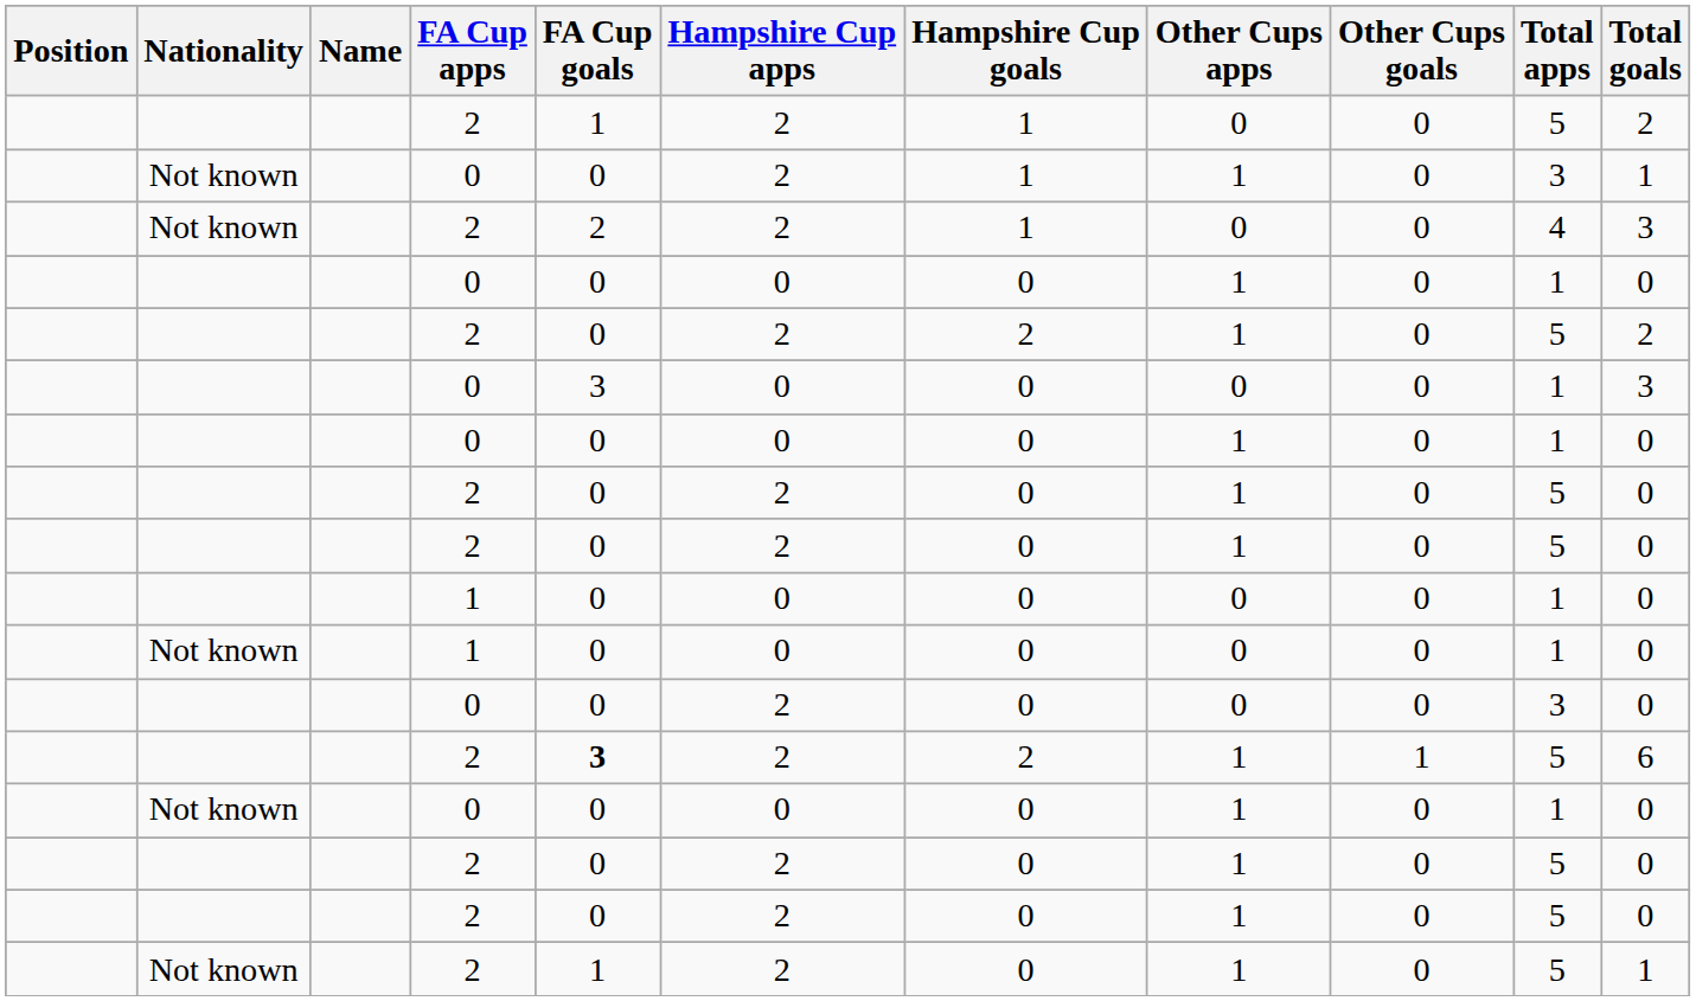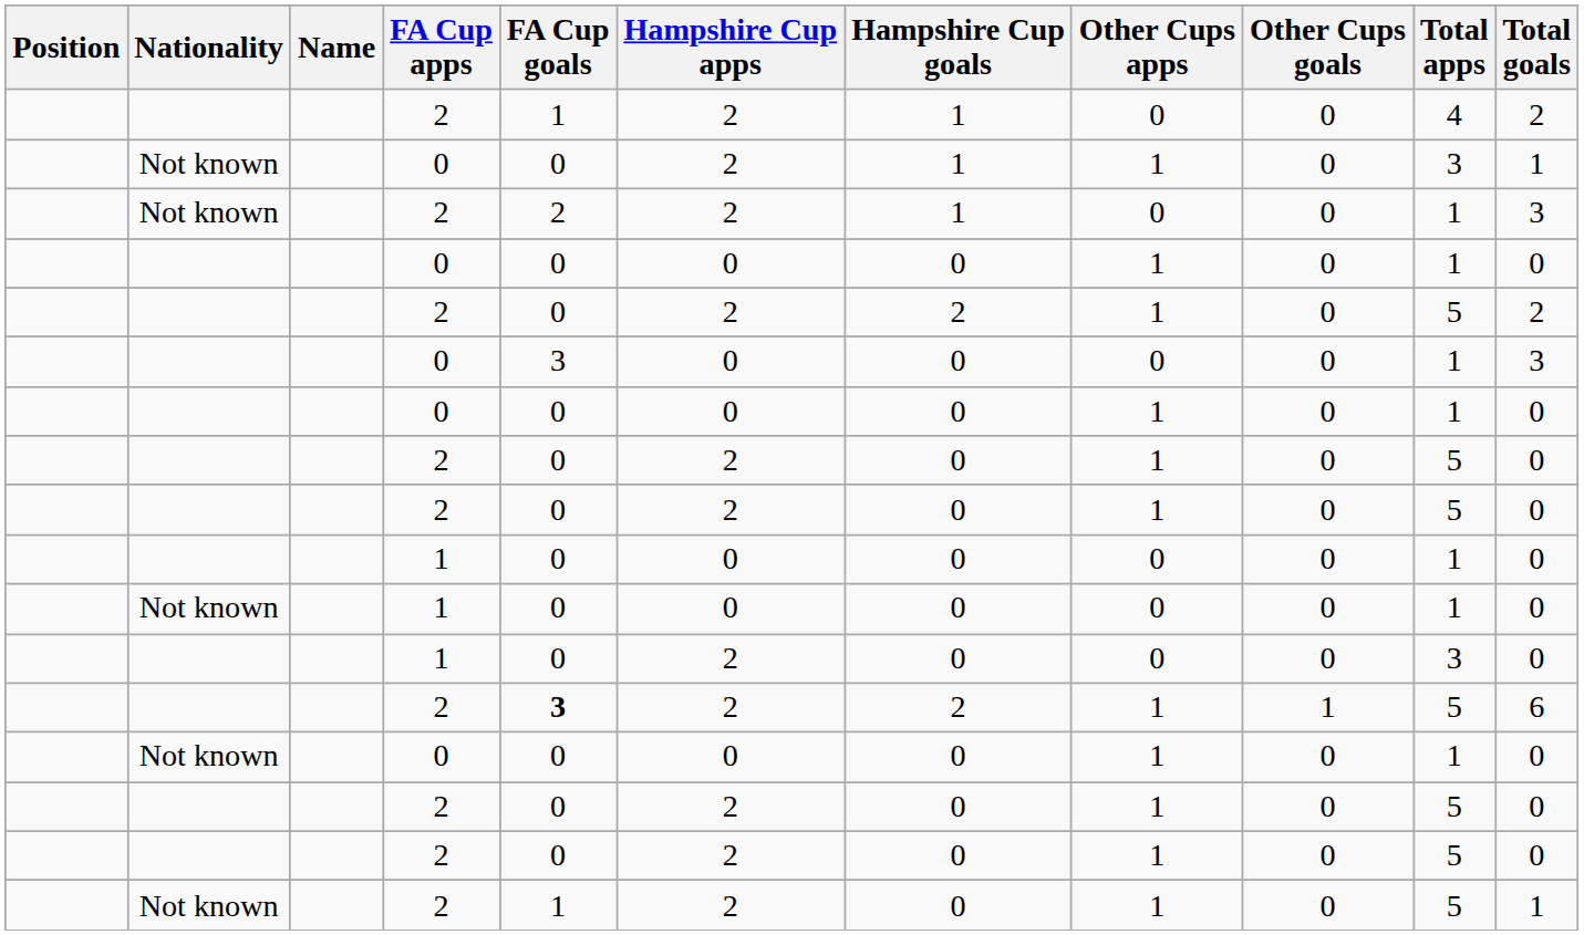 <table class="wikitable sortable" style="text-align:center">
 <tr>
 <th>Position</th>
 <th>Nationality</th>
 <th>Name</th>
 <th><a href='#'>FA Cup</a><br>apps</th>
 <th>FA Cup<br>goals</th>
 <th><a href='#'>Hampshire Cup</a><br>apps</th>
 <th>Hampshire Cup<br>goals</th>
 <th>Other Cups<br>apps</th>
 <th>Other Cups<br>goals</th>
 <th>Total<br>apps</th>
 <th>Total<br>goals</th>
 </tr>
 <tr>
 <td></td>
 <td></td>
 <td align="left"></td>
 <td>2</td>
 <td>1</td>
 <td>2</td>
 <td>1</td>
 <td>0</td>
 <td>0</td>
-<td>5</td>
+<td>4</td>
 <td>2</td>
 </tr>
 <tr>
 <td></td>
 <td>Not known</td>
 <td align="left"></td>
 <td>0</td>
 <td>0</td>
 <td>2</td>
 <td>1</td>
 <td>1</td>
 <td>0</td>
 <td>3</td>
 <td>1</td>
 </tr>
 <tr>
 <td></td>
 <td>Not known</td>
 <td align="left"></td>
 <td>2</td>
 <td>2</td>
 <td>2</td>
 <td>1</td>
 <td>0</td>
 <td>0</td>
-<td>4</td>
+<td>1</td>
 <td>3</td>
 </tr>
 <tr>
 <td></td>
 <td></td>
 <td align="left"> </td>
 <td>0</td>
 <td>0</td>
 <td>0</td>
 <td>0</td>
 <td>1</td>
 <td>0</td>
 <td>1</td>
 <td>0</td>
 </tr>
 <tr>
 <td></td>
 <td></td>
 <td align="left"></td>
 <td>2</td>
 <td>0</td>
 <td>2</td>
 <td>2</td>
 <td>1</td>
 <td>0</td>
 <td>5</td>
 <td>2</td>
 </tr>
 <tr>
 <td></td>
 <td></td>
 <td align="left"></td>
 <td>0</td>
 <td>3</td>
 <td>0</td>
 <td>0</td>
 <td>0</td>
 <td>0</td>
 <td>1</td>
 <td>3</td>
 </tr>
 <tr>
 <td></td>
 <td></td>
 <td align="left"></td>
 <td>0</td>
 <td>0</td>
 <td>0</td>
 <td>0</td>
 <td>1</td>
 <td>0</td>
 <td>1</td>
 <td>0</td>
 </tr>
 <tr>
 <td></td>
 <td></td>
 <td align="left"></td>
 <td>2</td>
 <td>0</td>
 <td>2</td>
 <td>0</td>
 <td>1</td>
 <td>0</td>
 <td>5</td>
 <td>0</td>
 </tr>
 <tr>
 <td></td>
 <td></td>
 <td align="left"></td>
 <td>2</td>
 <td>0</td>
 <td>2</td>
 <td>0</td>
 <td>1</td>
 <td>0</td>
 <td>5</td>
 <td>0</td>
 </tr>
 <tr>
 <td></td>
 <td></td>
 <td align="left"></td>
 <td>1</td>
 <td>0</td>
 <td>0</td>
 <td>0</td>
 <td>0</td>
 <td>0</td>
 <td>1</td>
 <td>0</td>
 </tr>
 <tr>
 <td></td>
 <td>Not known</td>
 <td align="left"></td>
 <td>1</td>
 <td>0</td>
 <td>0</td>
 <td>0</td>
 <td>0</td>
 <td>0</td>
 <td>1</td>
 <td>0</td>
 </tr>
 <tr>
 <td></td>
 <td></td>
 <td align="left"></td>
-<td>0</td>
+<td>1</td>
 <td>0</td>
 <td>2</td>
 <td>0</td>
 <td>0</td>
 <td>0</td>
 <td>3</td>
 <td>0</td>
 </tr>
 <tr>
 <td></td>
 <td></td>
 <td align="left"></td>
 <td>2</td>
 <td><strong>3</strong></td>
 <td>2</td>
 <td>2</td>
 <td>1</td>
 <td>1</td>
 <td>5</td>
 <td>6</td>
 </tr>
 <tr>
 <td></td>
 <td>Not known</td>
 <td align="left">  </td>
 <td>0</td>
 <td>0</td>
 <td>0</td>
 <td>0</td>
 <td>1</td>
 <td>0</td>
 <td>1</td>
 <td>0</td>
 </tr>
 <tr>
 <td></td>
 <td></td>
 <td align="left"></td>
 <td>2</td>
 <td>0</td>
 <td>2</td>
 <td>0</td>
 <td>1</td>
 <td>0</td>
 <td>5</td>
 <td>0</td>
 </tr>
 <tr>
 <td></td>
 <td></td>
 <td align="left"></td>
 <td>2</td>
 <td>0</td>
 <td>2</td>
 <td>0</td>
 <td>1</td>
 <td>0</td>
 <td>5</td>
 <td>0</td>
 </tr>
 <tr>
 <td></td>
 <td>Not known</td>
 <td align="left"></td>
 <td>2</td>
 <td>1</td>
 <td>2</td>
 <td>0</td>
 <td>1</td>
 <td>0</td>
 <td>5</td>
 <td>1</td>
 </tr>
 <tr>
 </tr>
 </table>
